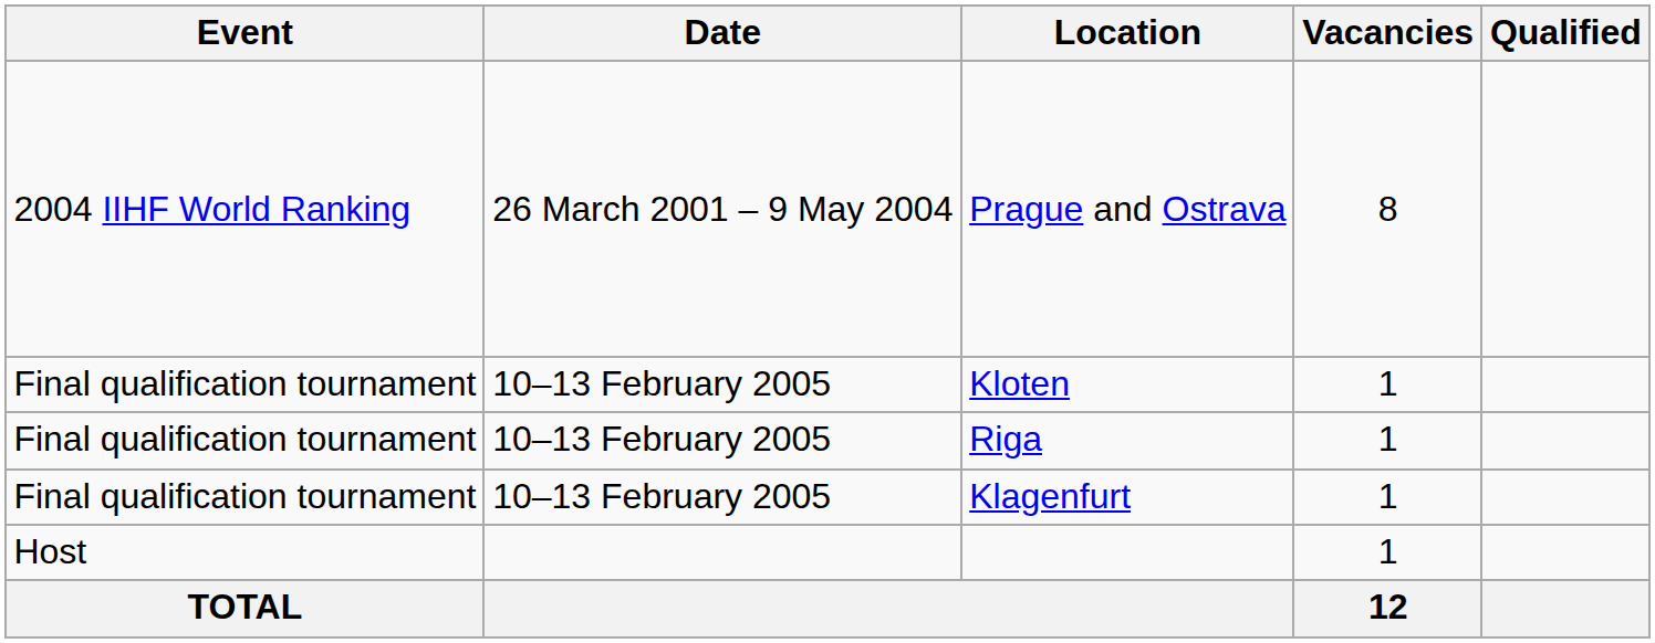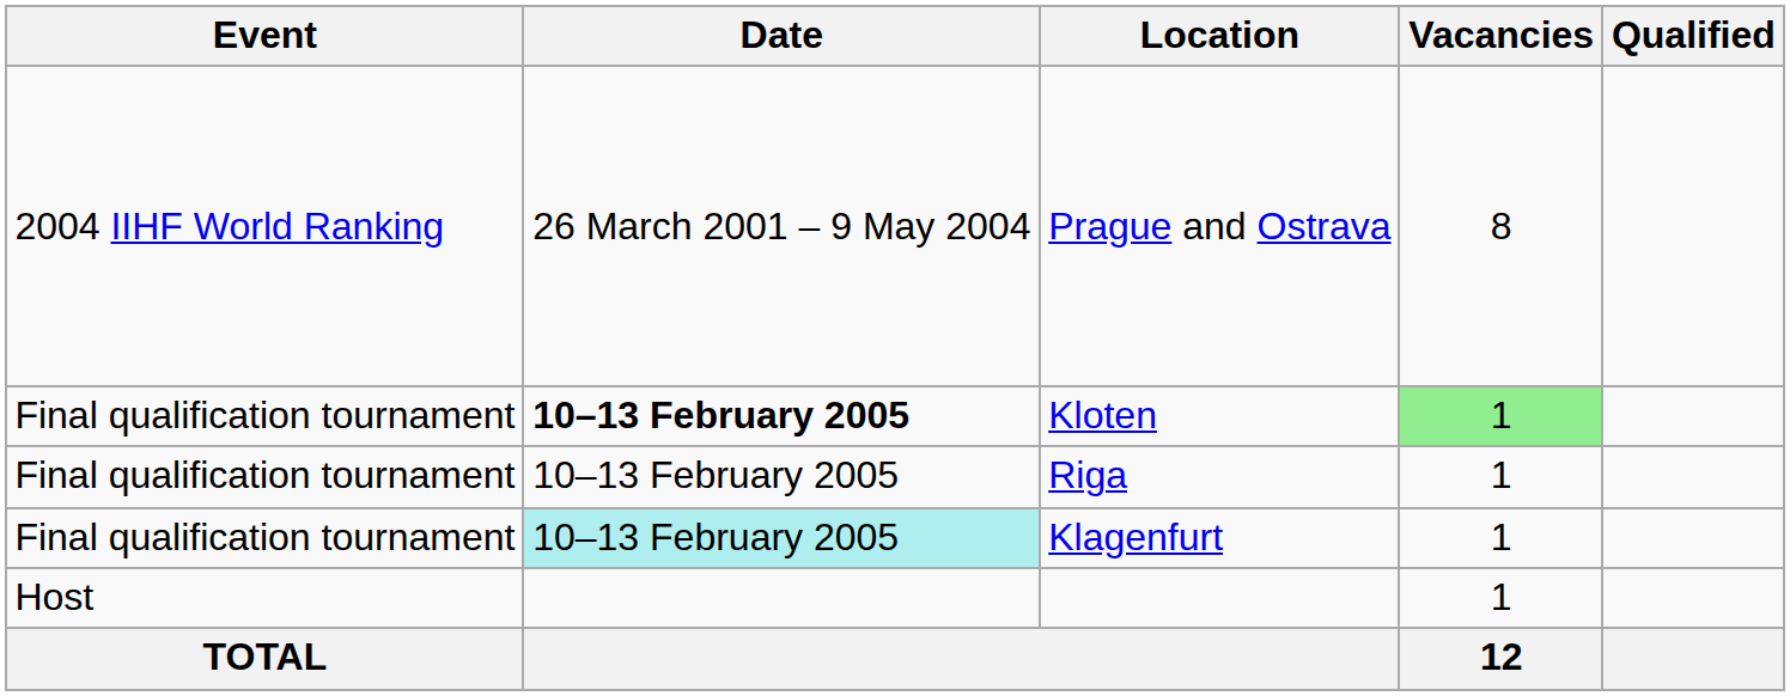 <table class="wikitable">
 <tr>
 <th>Event</th>
 <th>Date</th>
 <th>Location</th>
 <th>Vacancies</th>
 <th>Qualified</th>
 </tr>
 <tr>
 <td>2004 <a href='#'>IIHF World Ranking</a></td>
 <td>26 March 2001 – 9 May 2004</td>
 <td> <a href='#'>Prague</a> and <a href='#'>Ostrava</a></td>
 <td align=center>8</td>
 <td><br><br><br><br><br><br><br></td>
 </tr>
 <tr>
 <td>Final qualification tournament</td>
-<td>10–13 February 2005</td>
+<td><strong>10–13 February 2005</strong></td>
 <td> <a href='#'>Kloten</a></td>
-<td align=center>1</td>
+<td align=center style="background: lightgreen;">1</td>
 <td></td>
 </tr>
 <tr>
 <td>Final qualification tournament</td>
 <td>10–13 February 2005</td>
 <td> <a href='#'>Riga</a></td>
 <td align=center>1</td>
 <td></td>
 </tr>
 <tr>
 <td>Final qualification tournament</td>
-<td>10–13 February 2005</td>
+<td style="background: paleturquoise;">10–13 February 2005</td>
 <td> <a href='#'>Klagenfurt</a></td>
 <td align=center>1</td>
 <td></td>
 </tr>
 <tr>
 <td>Host</td>
 <td></td>
 <td></td>
 <td align=center>1</td>
 <td></td>
 </tr>
 <tr>
 <th>TOTAL</th>
 <th colspan="2"></th>
 <th>12</th>
 <th></th>
 </tr>
 </table>
